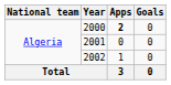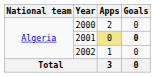 <table class="wikitable" style="text-align:center">
 <tr>
 <th>National team</th>
 <th>Year</th>
 <th>Apps</th>
 <th>Goals</th>
 </tr>
 <tr>
 <td rowspan="3"><a href='#'>Algeria</a></td>
 <td>2000</td>
-<td><strong>2</strong></td>
+<td>2</td>
 <td>0</td>
 </tr>
 <tr>
 <td>2001</td>
-<td>0</td>
-<td>0</td>
+<td style="background: khaki;">0</td>
+<td><strong>0</strong></td>
 </tr>
 <tr>
 <td>2002</td>
 <td>1</td>
 <td>0</td>
 </tr>
 <tr>
 <th colspan="2">Total</th>
 <th>3</th>
 <th>0</th>
 </tr>
 </table>
